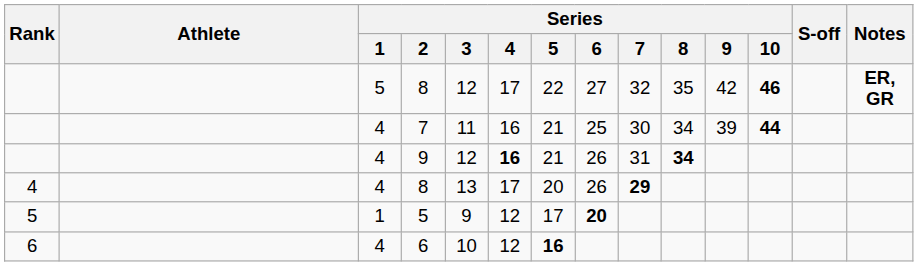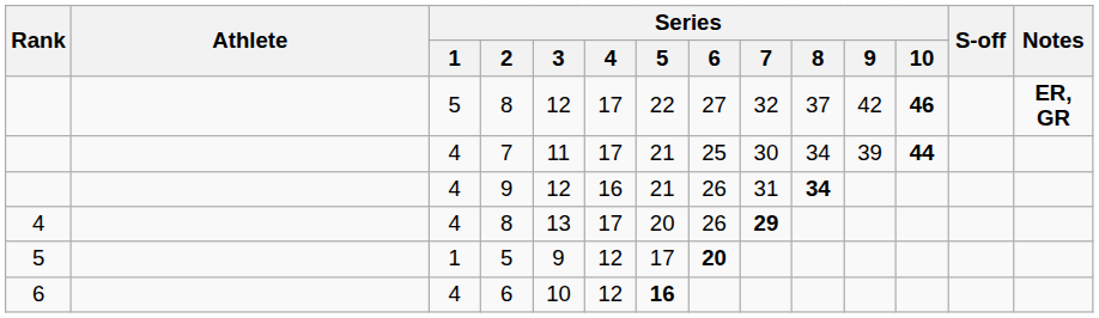 <table class="wikitable" style="text-align:center">
 <tr>
 <th rowspan=2 width=40>Rank</th>
 <th rowspan=2 width=250>Athlete</th>
 <th colspan=10>Series</th>
 <th rowspan=2 width=40>S-off</th>
 <th rowspan=2 width=50>Notes</th>
 </tr>
 <tr>
 <th width=30>1</th>
 <th width=30>2</th>
 <th width=30>3</th>
 <th width=30>4</th>
 <th width=30>5</th>
 <th width=30>6</th>
 <th width=30>7</th>
 <th width=30>8</th>
 <th width=30>9</th>
 <th width=30>10</th>
 </tr>
 <tr>
 <td></td>
 <td align=left></td>
 <td>5</td>
 <td>8</td>
 <td>12</td>
 <td>17</td>
 <td>22</td>
 <td>27</td>
 <td>32</td>
-<td>35</td>
+<td>37</td>
 <td>42</td>
 <td><strong>46</strong></td>
 <td></td>
 <td><strong>ER, GR</strong></td>
 </tr>
 <tr>
 <td></td>
 <td align=left></td>
 <td>4</td>
 <td>7</td>
 <td>11</td>
-<td>16</td>
+<td>17</td>
 <td>21</td>
 <td>25</td>
 <td>30</td>
 <td>34</td>
 <td>39</td>
 <td><strong>44</strong></td>
 <td></td>
 <td></td>
 </tr>
 <tr>
 <td></td>
 <td align=left></td>
 <td>4</td>
 <td>9</td>
 <td>12</td>
-<td><strong>16</strong></td>
+<td>16</td>
 <td>21</td>
 <td>26</td>
 <td>31</td>
 <td><strong>34</strong></td>
 <td></td>
 <td></td>
 <td></td>
 <td></td>
 </tr>
 <tr>
 <td>4</td>
 <td align=left></td>
 <td>4</td>
 <td>8</td>
 <td>13</td>
 <td>17</td>
 <td>20</td>
 <td>26</td>
 <td><strong>29</strong></td>
 <td></td>
 <td></td>
 <td></td>
 <td></td>
 <td></td>
 </tr>
 <tr>
 <td>5</td>
 <td align=left></td>
 <td>1</td>
 <td>5</td>
 <td>9</td>
 <td>12</td>
 <td>17</td>
 <td><strong>20</strong></td>
 <td></td>
 <td></td>
 <td></td>
 <td></td>
 <td></td>
 <td></td>
 </tr>
 <tr>
 <td>6</td>
 <td align=left></td>
 <td>4</td>
 <td>6</td>
 <td>10</td>
 <td>12</td>
 <td><strong>16</strong></td>
 <td></td>
 <td></td>
 <td></td>
 <td></td>
 <td></td>
 <td></td>
 <td></td>
 </tr>
 </table>
